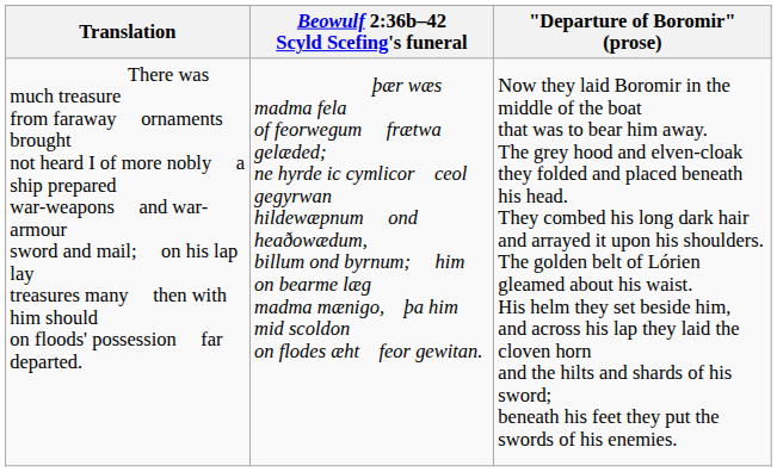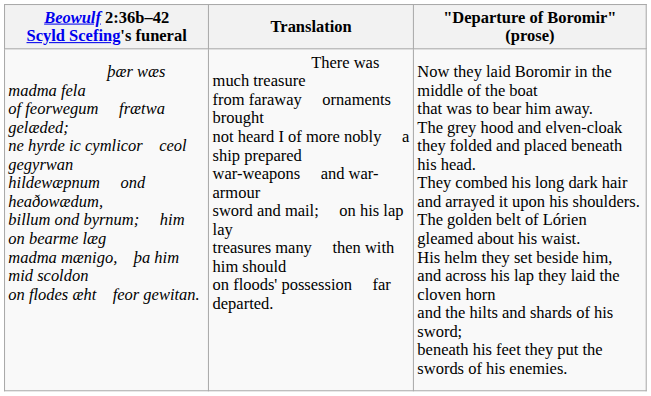 <table class="wikitable" style="margin:1em auto;">
 <tr>
+<th><em><a href='#'>Beowulf</a></em> 2:36b–42<br><a href='#'>Scyld Scefing</a>'s funeral</th>
 <th>Translation</th>
-<th><em><a href='#'>Beowulf</a></em> 2:36b–42<br><a href='#'>Scyld Scefing</a>'s funeral</th>
 <th>"Departure of Boromir" (prose)</th>
 </tr>
 <tr>
+<td><em>                        þær wæs madma fela<br>of feorwegum     frætwa gelæded;<br>ne hyrde ic cymlicor     ceol gegyrwan<br>hildewæpnum     ond heaðowædum,<br>billum ond byrnum;     him on bearme læg<br>madma mænigo,    þa him mid scoldon<br>on flodes æht    feor gewitan.</em><br><br><br><br><br></td>
 <td>                        There was much treasure<br>from faraway     ornaments brought<br>not heard I of more nobly     a ship prepared<br>war-weapons     and war-armour<br>sword and mail;     on his lap lay<br>treasures many     then with him should<br>on floods' possession     far departed.<br><br><br><br><br></td>
-<td><em>                        þær wæs madma fela<br>of feorwegum     frætwa gelæded;<br>ne hyrde ic cymlicor     ceol gegyrwan<br>hildewæpnum     ond heaðowædum,<br>billum ond byrnum;     him on bearme læg<br>madma mænigo,    þa him mid scoldon<br>on flodes æht    feor gewitan.</em><br><br><br><br><br></td>
 <td>Now they laid Boromir in the middle of the boat<br>that was to bear him away.<br>The grey hood and elven-cloak<br>they folded and placed beneath his head.<br>They combed his long dark hair<br>and arrayed it upon his shoulders.<br>The golden belt of Lórien gleamed about his waist.<br>His helm they set beside him,<br>and across his lap they laid the cloven horn<br>and the hilts and shards of his sword;<br>beneath his feet they put the swords of his enemies.</td>
 </tr>
 </table>
